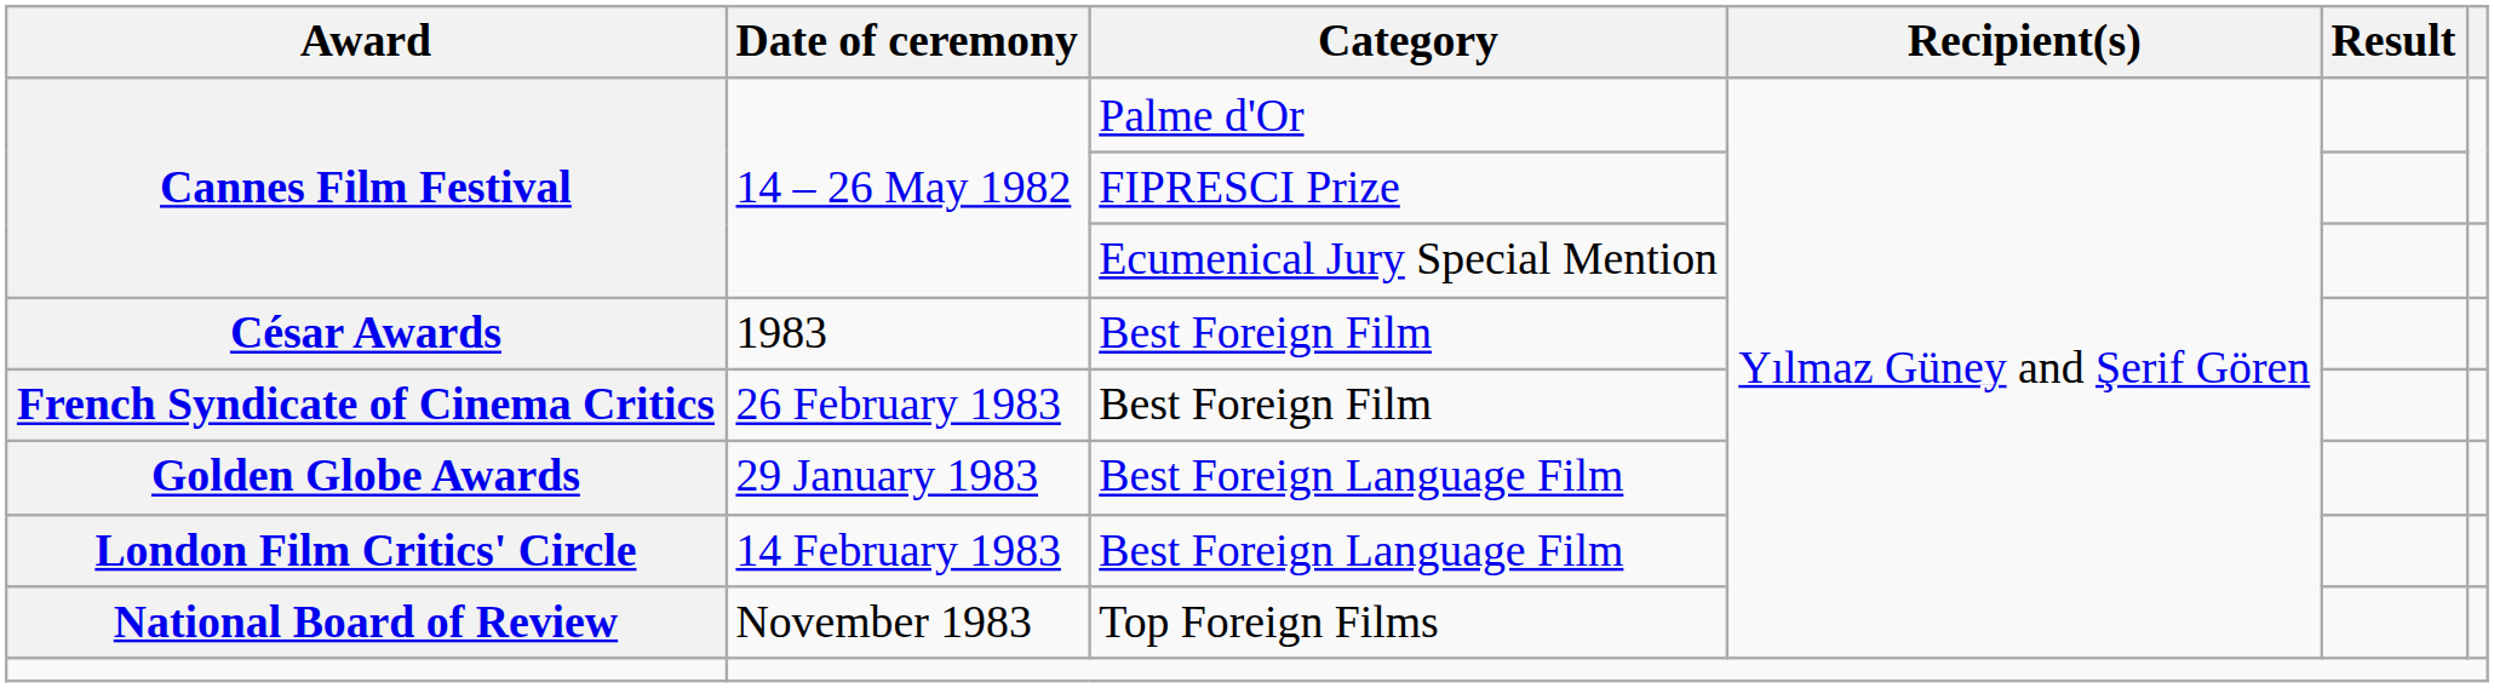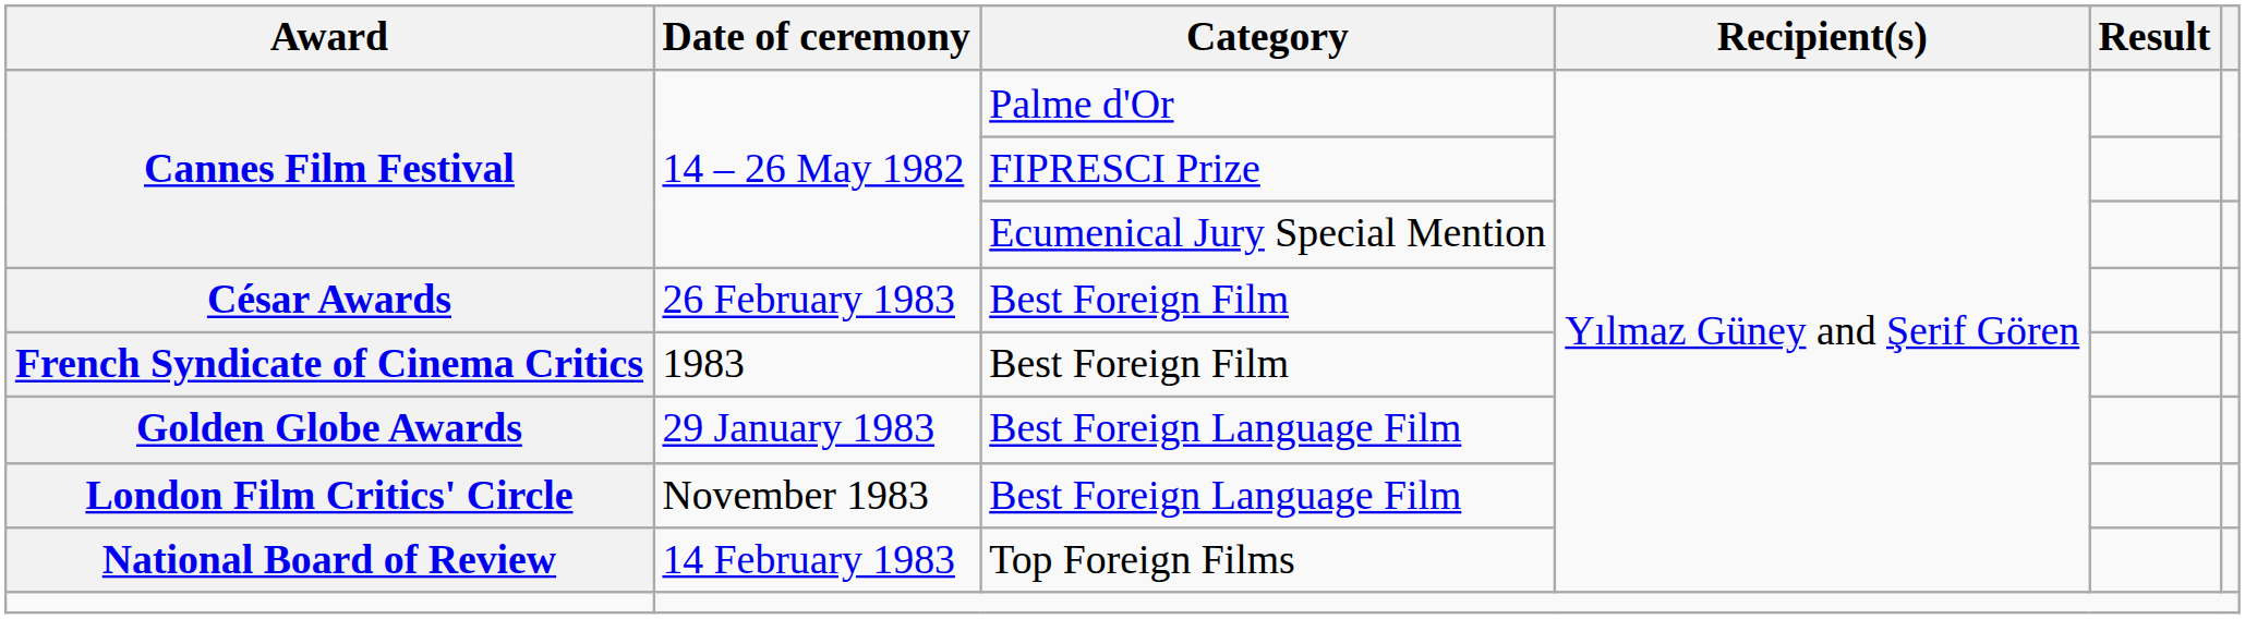 <table class="wikitable plainrowheaders sortable">
 <tr>
 <th scope="col">Award</th>
 <th scope="col">Date of ceremony</th>
 <th scope="col">Category</th>
 <th scope="col">Recipient(s)</th>
 <th scope="col">Result</th>
 <th scope="col" class="unsortable"></th>
 </tr>
 <tr>
 <th scope="row" rowspan="3"><a href='#'>Cannes Film Festival</a></th>
 <td rowspan="3"><a href='#'>14 – 26 May 1982</a></td>
 <td><a href='#'>Palme d'Or</a></td>
 <td rowspan="8"><a href='#'>Yılmaz Güney</a> and <a href='#'>Şerif Gören</a></td>
 <td></td>
 <td rowspan="2"></td>
 </tr>
 <tr>
 <td><a href='#'>FIPRESCI Prize</a></td>
 <td></td>
 </tr>
 <tr>
 <td><a href='#'>Ecumenical Jury</a> Special Mention</td>
 <td></td>
 <td rowspan="1"></td>
 </tr>
 <tr>
 <th scope="row"><a href='#'>César Awards</a></th>
-<td rowspan="1">1983</td>
+<td rowspan="1"><a href='#'>26 February 1983</a></td>
 <td><a href='#'>Best Foreign Film</a></td>
 <td></td>
 <td rowspan="1"></td>
 </tr>
 <tr>
 <th scope="row"><a href='#'>French Syndicate of Cinema Critics</a></th>
-<td rowspan="1"><a href='#'>26 February 1983</a></td>
+<td rowspan="1">1983</td>
 <td rowspan="1">Best Foreign Film</td>
 <td></td>
 <td rowspan="1"></td>
 </tr>
 <tr>
 <th scope="row"><a href='#'>Golden Globe Awards</a></th>
 <td rowspan="1"><a href='#'>29 January 1983</a></td>
 <td><a href='#'>Best Foreign Language Film</a></td>
 <td></td>
 <td rowspan="1"></td>
 </tr>
 <tr>
 <th scope="row"><a href='#'>London Film Critics' Circle</a></th>
-<td rowspan="1"><a href='#'>14 February 1983</a></td>
+<td rowspan="1">November 1983</td>
 <td><a href='#'>Best Foreign Language Film</a></td>
 <td></td>
 <td rowspan="1"></td>
 </tr>
 <tr>
 <th scope="row"><a href='#'>National Board of Review</a></th>
-<td rowspan="1">November 1983</td>
+<td rowspan="1"><a href='#'>14 February 1983</a></td>
 <td>Top Foreign Films</td>
 <td></td>
 <td rowspan="1"></td>
 </tr>
 <tr>
 <td></td>
 </tr>
 </table>
